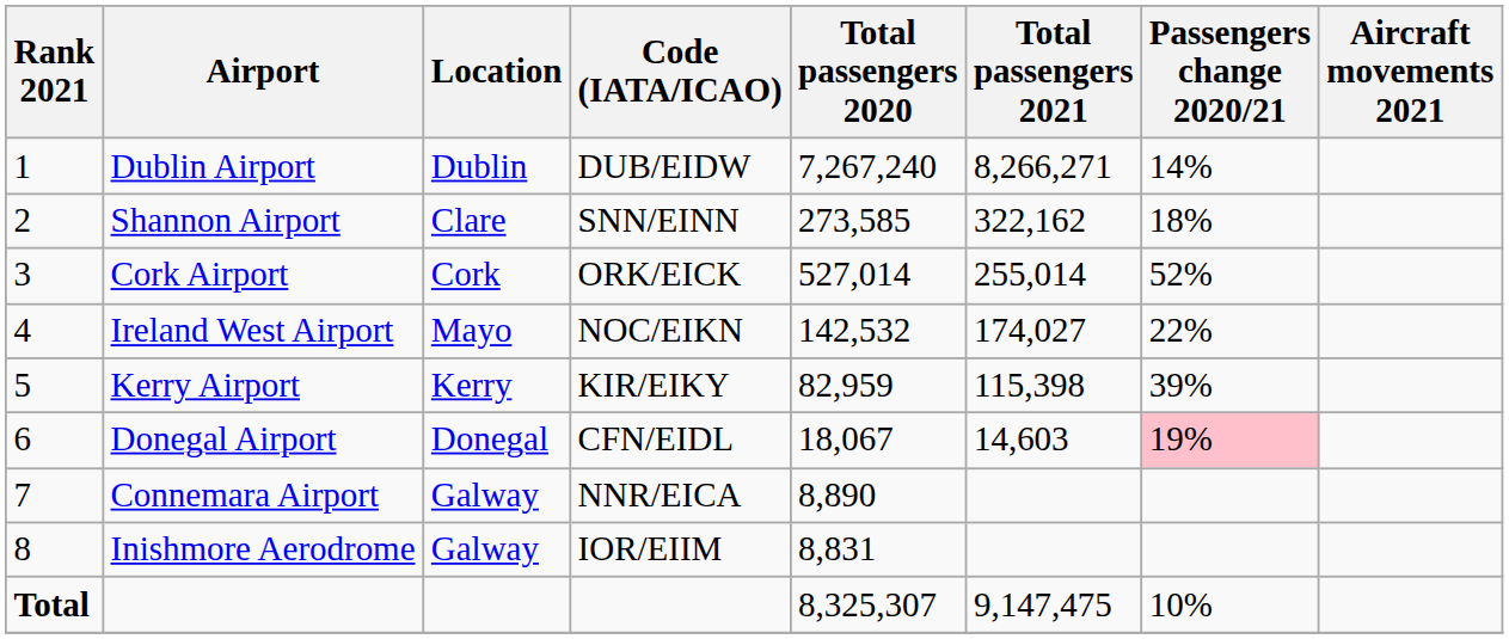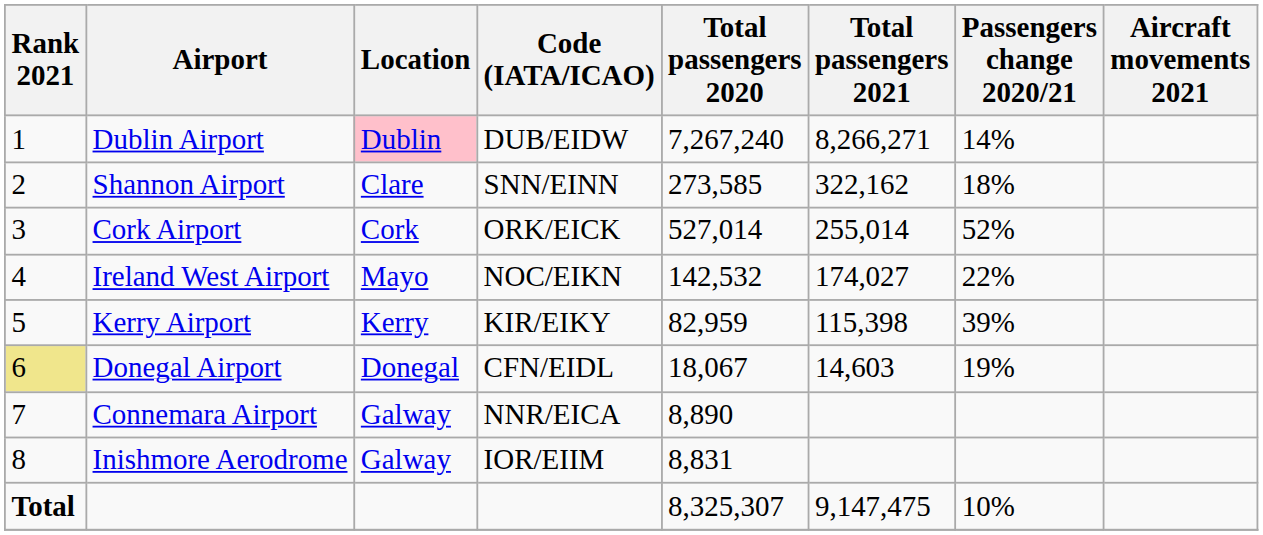 <table class="wikitable sortable">
 <tr>
 <th>Rank<br>2021</th>
 <th>Airport</th>
 <th>Location</th>
 <th>Code<br>(IATA/ICAO)</th>
 <th>Total<br>passengers<br>2020</th>
 <th>Total<br>passengers<br>2021</th>
 <th>Passengers<br>change<br>2020/21</th>
 <th>Aircraft<br>movements<br>2021</th>
 </tr>
 <tr>
 <td>1</td>
 <td><a href='#'>Dublin Airport</a></td>
-<td><a href='#'>Dublin</a></td>
+<td style="background: pink;"><a href='#'>Dublin</a></td>
 <td>DUB/EIDW</td>
 <td>7,267,240</td>
 <td>8,266,271</td>
 <td> 14%</td>
 <td></td>
 </tr>
 <tr>
 <td>2 </td>
 <td><a href='#'>Shannon Airport</a></td>
 <td><a href='#'>Clare</a></td>
 <td>SNN/EINN</td>
 <td>273,585</td>
 <td>322,162</td>
 <td> 18%</td>
 <td></td>
 </tr>
 <tr>
 <td>3 </td>
 <td><a href='#'>Cork Airport</a></td>
 <td><a href='#'>Cork</a></td>
 <td>ORK/EICK</td>
 <td>527,014</td>
 <td>255,014</td>
 <td> 52%</td>
 <td></td>
 </tr>
 <tr>
 <td>4</td>
 <td><a href='#'>Ireland West Airport</a></td>
 <td><a href='#'>Mayo</a></td>
 <td>NOC/EIKN</td>
 <td>142,532</td>
 <td>174,027</td>
 <td> 22%</td>
 <td></td>
 </tr>
 <tr>
 <td>5</td>
 <td><a href='#'>Kerry Airport</a></td>
 <td><a href='#'>Kerry</a></td>
 <td>KIR/EIKY</td>
 <td>82,959</td>
 <td>115,398</td>
 <td> 39%</td>
 <td></td>
 </tr>
 <tr>
-<td>6</td>
+<td style="background: khaki;">6</td>
 <td><a href='#'>Donegal Airport</a></td>
 <td><a href='#'>Donegal</a></td>
 <td>CFN/EIDL</td>
 <td>18,067</td>
 <td>14,603</td>
-<td style="background: pink;"> 19%</td>
+<td> 19%</td>
 <td></td>
 </tr>
 <tr>
 <td>7</td>
 <td><a href='#'>Connemara Airport</a></td>
 <td><a href='#'>Galway</a></td>
 <td>NNR/EICA</td>
 <td>8,890</td>
 <td></td>
 <td></td>
 <td></td>
 </tr>
 <tr>
 <td>8</td>
 <td><a href='#'>Inishmore Aerodrome</a></td>
 <td><a href='#'>Galway</a></td>
 <td>IOR/EIIM</td>
 <td>8,831</td>
 <td></td>
 <td></td>
 <td></td>
 </tr>
 <tr>
 <td><strong>Total</strong></td>
 <td></td>
 <td></td>
 <td></td>
 <td>8,325,307</td>
 <td>9,147,475</td>
 <td> 10%</td>
 <td></td>
 </tr>
 <tr>
 </tr>
 </table>
